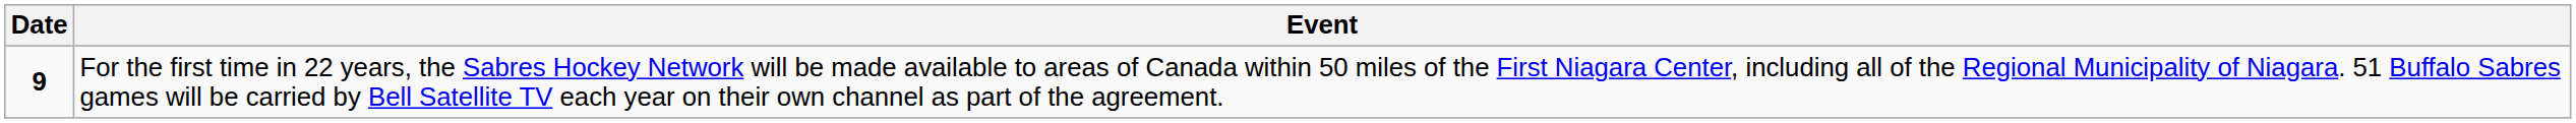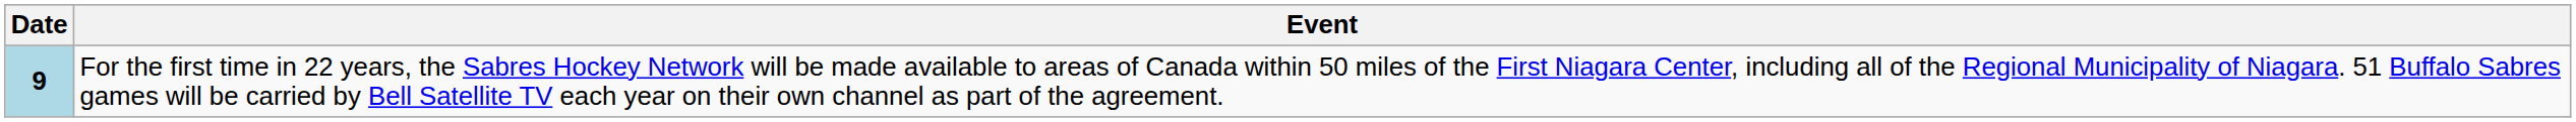 <table class="wikitable">
 <tr>
 <th>Date</th>
 <th>Event</th>
 </tr>
 <tr>
-<td style="text-align:center;"><strong>9</strong></td>
+<td style="background: lightblue; text-align:center;"><strong>9</strong></td>
 <td>For the first time in 22 years, the <a href='#'>Sabres Hockey Network</a> will be made available to areas of Canada within 50 miles of the <a href='#'>First Niagara Center</a>, including all of the <a href='#'>Regional Municipality of Niagara</a>. 51 <a href='#'>Buffalo Sabres</a> games will be carried by <a href='#'>Bell Satellite TV</a> each year on their own channel as part of the agreement.</td>
 </tr>
 </table>
